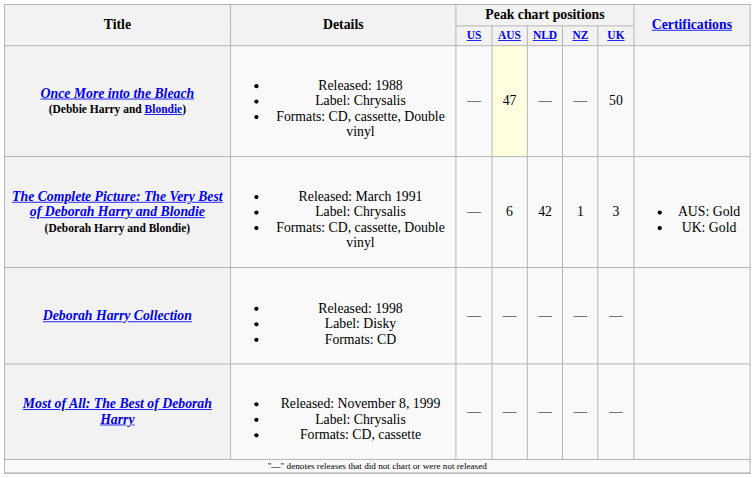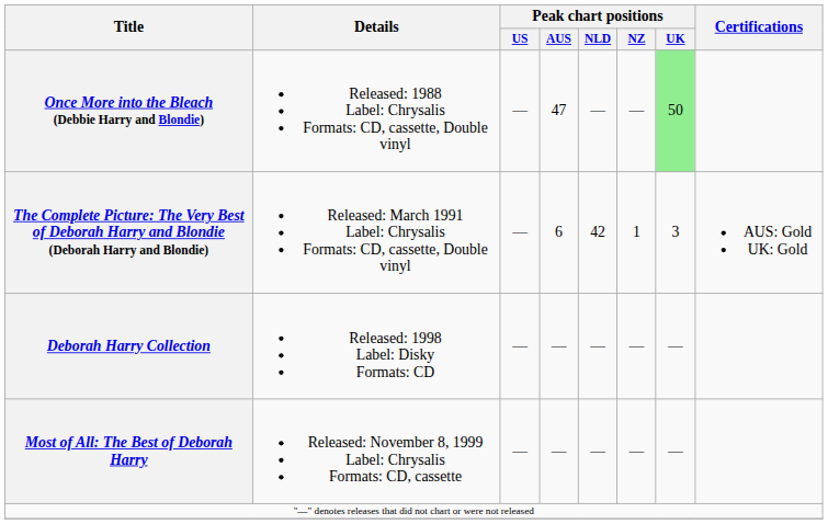 <table class="wikitable plainrowheaders" style="text-align:center;">
 <tr>
 <th rowspan="2" style="width:16em;">Title</th>
 <th rowspan="2" style="width:16em;">Details</th>
 <th colspan="5">Peak chart positions</th>
 <th rowspan="2" style="width:8em;"><a href='#'>Certifications</a></th>
 </tr>
 <tr style="font-size:smaller;">
 <th width="35"><a href='#'>US</a><br></th>
 <th width="35"><a href='#'>AUS</a><br></th>
 <th width="35"><a href='#'>NLD</a><br></th>
 <th width="35"><a href='#'>NZ</a><br></th>
 <th width="35"><a href='#'>UK</a><br></th>
 </tr>
 <tr>
 <th scope="row"><em><a href='#'>Once More into the Bleach</a></em> <br><small>(Debbie Harry and <a href='#'>Blondie</a>)</small></th>
 <td><br><ul><li>Released: 1988</li><li>Label: Chrysalis</li><li>Formats: CD, cassette, Double vinyl</li></ul></td>
 <td align="center">—</td>
-<td align="center" style="background: lightyellow;">47</td>
+<td align="center">47</td>
 <td align="center">—</td>
 <td align="center">—</td>
-<td align="center">50</td>
+<td align="center" style="background: lightgreen;">50</td>
 <td></td>
 </tr>
 <tr>
 <th scope="row"><em><a href='#'>The Complete Picture: The Very Best of Deborah Harry and Blondie</a></em> <br><small>(Deborah Harry and Blondie)</small></th>
 <td><br><ul><li>Released: March 1991</li><li>Label: Chrysalis</li><li>Formats: CD, cassette, Double vinyl</li></ul></td>
 <td align="center">—</td>
 <td align="center">6</td>
 <td align="center">42</td>
 <td align="center">1</td>
 <td align="center">3</td>
 <td><br><ul><li>AUS: Gold</li><li>UK: Gold</li></ul></td>
 </tr>
 <tr>
 <th scope="row"><em><a href='#'>Deborah Harry Collection</a></em></th>
 <td><br><ul><li>Released: 1998</li><li>Label: Disky</li><li>Formats: CD</li></ul></td>
 <td align="center">—</td>
 <td align="center">—</td>
 <td align="center">—</td>
 <td align="center">—</td>
 <td align="center">—</td>
 <td></td>
 </tr>
 <tr>
 <th scope="row"><em><a href='#'>Most of All: The Best of Deborah Harry</a></em></th>
 <td><br><ul><li>Released: November 8, 1999</li><li>Label: Chrysalis</li><li>Formats: CD, cassette</li></ul></td>
 <td align="center">—</td>
 <td align="center">—</td>
 <td align="center">—</td>
 <td align="center">—</td>
 <td align="center">—</td>
 <td></td>
 </tr>
 <tr>
 <td colspan="8" style="font-size:8pt">"—" denotes releases that did not chart or were not released</td>
 </tr>
 <tr>
 </tr>
 </table>
